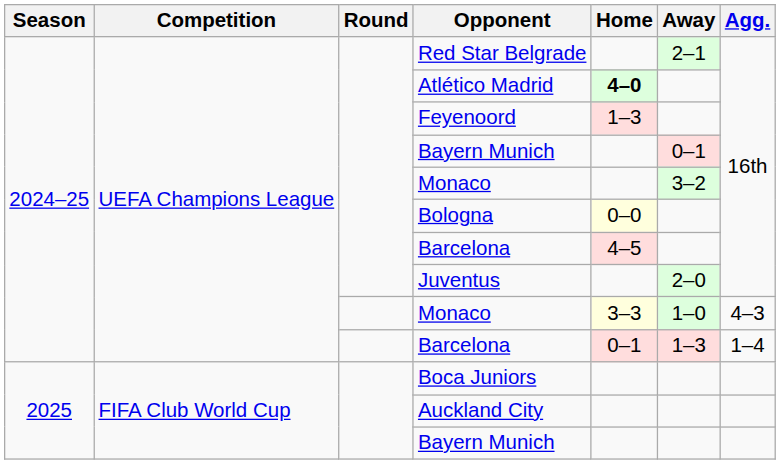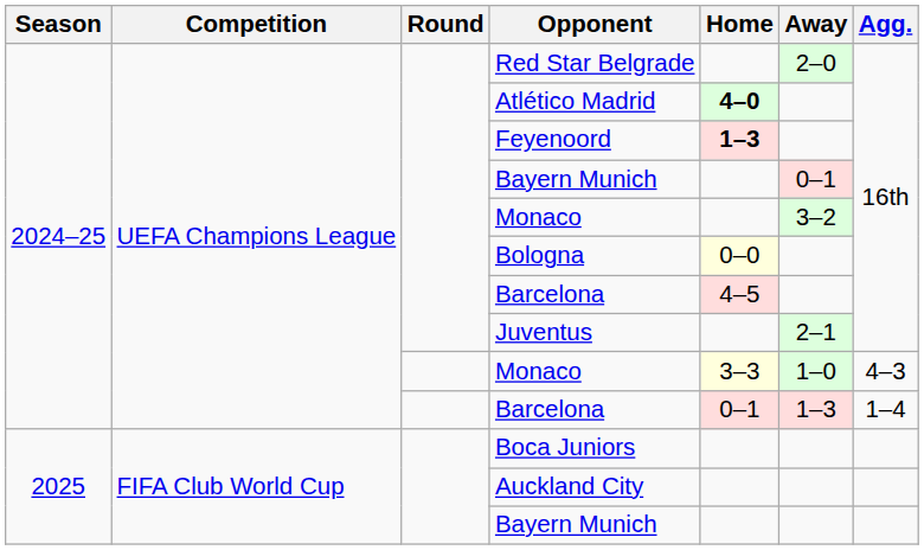 <table class="wikitable collapsible collapsed" style="text-align: center;">
 <tr>
 <th>Season</th>
 <th>Competition</th>
 <th>Round</th>
 <th>Opponent</th>
 <th>Home</th>
 <th>Away</th>
 <th><a href='#'>Agg.</a></th>
 </tr>
 <tr>
 <td rowspan=10><a href='#'>2024–25</a></td>
 <td rowspan=10 align="left"><a href='#'>UEFA Champions League</a></td>
 <td rowspan=8></td>
 <td align="left"> <a href='#'>Red Star Belgrade</a></td>
 <td></td>
-<td bgcolor="#ddffdd">2–1</td>
+<td bgcolor="#ddffdd">2–0</td>
 <td rowspan=8>16th</td>
 </tr>
 <tr>
 <td align="left"> <a href='#'>Atlético Madrid</a></td>
 <td bgcolor="#ddffdd"><strong>4–0</strong></td>
 <td></td>
 </tr>
 <tr>
 <td align="left"> <a href='#'>Feyenoord</a></td>
-<td bgcolor="#ffdddd">1–3</td>
+<td bgcolor="#ffdddd"><strong>1–3</strong></td>
 <td></td>
 </tr>
 <tr>
 <td align="left"> <a href='#'>Bayern Munich</a></td>
 <td></td>
 <td bgcolor="#ffdddd">0–1</td>
 </tr>
 <tr>
 <td align="left"> <a href='#'>Monaco</a></td>
 <td></td>
 <td bgcolor="#ddffdd">3–2</td>
 </tr>
 <tr>
 <td align="left"> <a href='#'>Bologna</a></td>
 <td bgcolor="#ffffdd">0–0</td>
 <td></td>
 </tr>
 <tr>
 <td align="left"> <a href='#'>Barcelona</a></td>
 <td bgcolor="#ffdddd">4–5</td>
 <td></td>
 </tr>
 <tr>
 <td align="left"> <a href='#'>Juventus</a></td>
 <td></td>
-<td bgcolor="#ddffdd">2–0</td>
+<td bgcolor="#ddffdd">2–1</td>
 </tr>
 <tr>
 <td></td>
 <td align="left"> <a href='#'>Monaco</a></td>
 <td bgcolor="#ffffdd">3–3</td>
 <td bgcolor="#ddffdd">1–0</td>
 <td>4–3</td>
 </tr>
 <tr>
 <td></td>
 <td align="left"> <a href='#'>Barcelona</a></td>
 <td bgcolor="#ffdddd">0–1</td>
 <td bgcolor="#ffdddd">1–3</td>
 <td>1–4</td>
 </tr>
 <tr>
 <td rowspan=3><a href='#'>2025</a></td>
 <td rowspan=3 align="left"><a href='#'>FIFA Club World Cup</a></td>
 <td rowspan=3></td>
 <td align="left"> <a href='#'>Boca Juniors</a></td>
 <td></td>
 <td></td>
 <td></td>
 </tr>
 <tr>
 <td align="left"> <a href='#'>Auckland City</a></td>
 <td></td>
 <td></td>
 <td></td>
 </tr>
 <tr>
 <td align="left"> <a href='#'>Bayern Munich</a></td>
 <td></td>
 <td></td>
 <td></td>
 </tr>
 </table>
